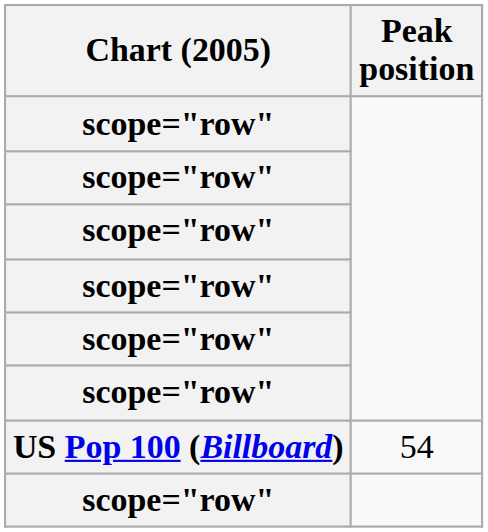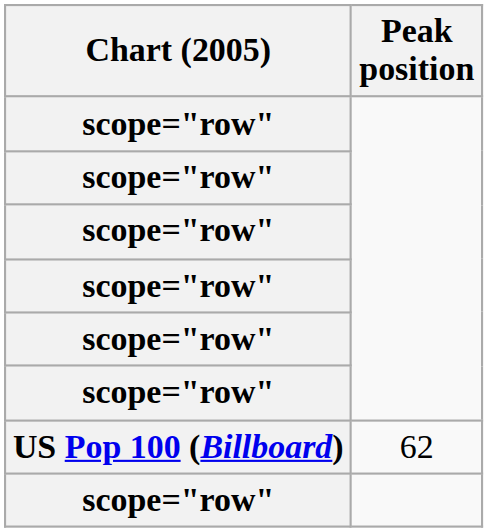 <table class="wikitable sortable plainrowheaders" style="text-align:center;" border="1">
 <tr>
 <th scope="col">Chart (2005)</th>
 <th scope="col">Peak<br>position</th>
 </tr>
 <tr>
 <th>scope="row"</th>
 </tr>
 <tr>
 <th>scope="row"</th>
 </tr>
 <tr>
 <th>scope="row"</th>
 </tr>
 <tr>
 <th>scope="row"</th>
 </tr>
 <tr>
 <th>scope="row"</th>
 </tr>
 <tr>
 <th>scope="row"</th>
 </tr>
 <tr>
 <th scope="row">US <a href='#'>Pop 100</a> (<em><a href='#'>Billboard</a></em>)</th>
-<td>54</td>
+<td>62</td>
 </tr>
 <tr>
 <th>scope="row"</th>
 </tr>
 </table>
